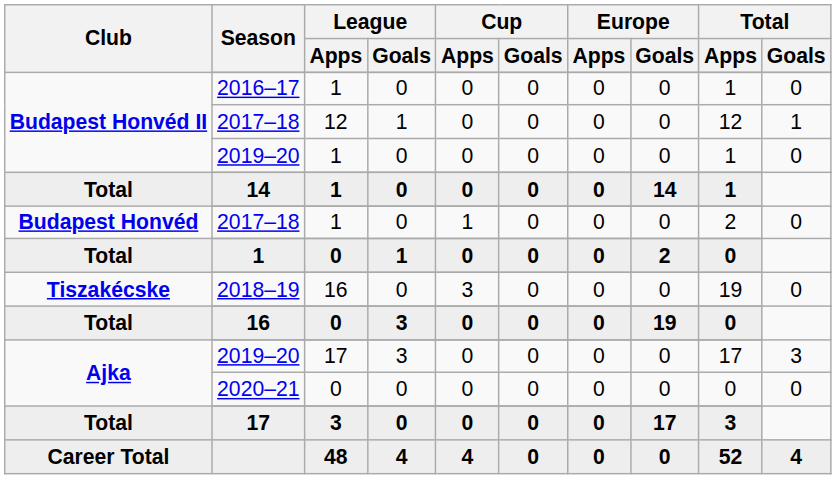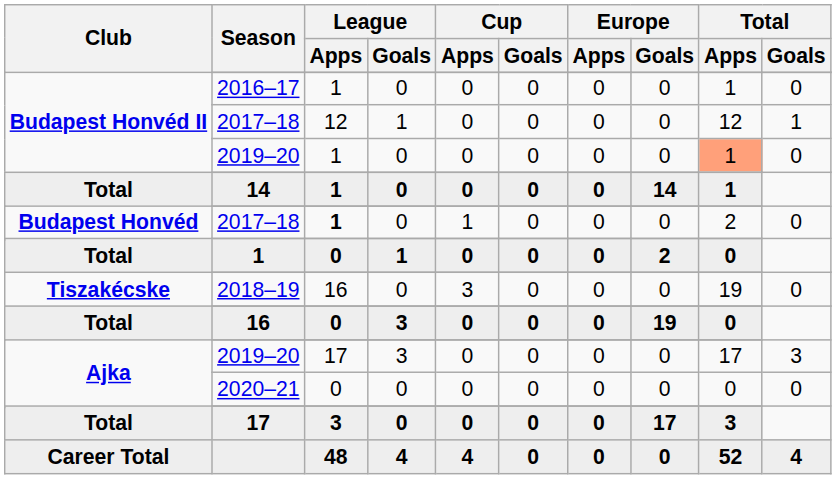 <table class="wikitable" style="font-size:90%; text-align: center;">
 <tr>
 <th rowspan="2">Club</th>
 <th rowspan="2">Season</th>
 <th colspan="2">League</th>
 <th colspan="2">Cup</th>
 <th colspan="2">Europe</th>
 <th colspan="2">Total</th>
 </tr>
 <tr>
 <th>Apps</th>
 <th>Goals</th>
 <th>Apps</th>
 <th>Goals</th>
 <th>Apps</th>
 <th>Goals</th>
 <th>Apps</th>
 <th>Goals</th>
 </tr>
 <tr ||-||-||-|->
 <td rowspan="5" valign="center"><strong><a href='#'>Budapest Honvéd II</a></strong></td>
 </tr>
 <tr>
 <td><a href='#'>2016–17</a></td>
 <td>1</td>
 <td>0</td>
 <td>0</td>
 <td>0</td>
 <td>0</td>
 <td>0</td>
 <td>1</td>
 <td>0</td>
 </tr>
 <tr>
 <td><a href='#'>2017–18</a></td>
 <td>12</td>
 <td>1</td>
 <td>0</td>
 <td>0</td>
 <td>0</td>
 <td>0</td>
 <td>12</td>
 <td>1</td>
 </tr>
 <tr>
 <td><a href='#'>2019–20</a></td>
 <td>1</td>
 <td>0</td>
 <td>0</td>
 <td>0</td>
 <td>0</td>
 <td>0</td>
-<td>1</td>
+<td style="background: lightsalmon;">1</td>
 <td>0</td>
 </tr>
 <tr>
 </tr>
 <tr style="font-weight:bold; background-color:#eeeeee;">
 <td>Total</td>
 <td>14</td>
 <td>1</td>
 <td>0</td>
 <td>0</td>
 <td>0</td>
 <td>0</td>
 <td>14</td>
 <td>1</td>
 </tr>
 <tr>
 <td rowspan="3" valign="center"><strong><a href='#'>Budapest Honvéd</a></strong></td>
 </tr>
 <tr>
 <td><a href='#'>2017–18</a></td>
-<td>1</td>
+<td><strong>1</strong></td>
 <td>0</td>
 <td>1</td>
 <td>0</td>
 <td>0</td>
 <td>0</td>
 <td>2</td>
 <td>0</td>
 </tr>
 <tr>
 </tr>
 <tr style="font-weight:bold; background-color:#eeeeee;">
 <td>Total</td>
 <td>1</td>
 <td>0</td>
 <td>1</td>
 <td>0</td>
 <td>0</td>
 <td>0</td>
 <td>2</td>
 <td>0</td>
 </tr>
 <tr>
 <td rowspan="3" valign="center"><strong><a href='#'>Tiszakécske</a></strong></td>
 </tr>
 <tr>
 <td><a href='#'>2018–19</a></td>
 <td>16</td>
 <td>0</td>
 <td>3</td>
 <td>0</td>
 <td>0</td>
 <td>0</td>
 <td>19</td>
 <td>0</td>
 </tr>
 <tr>
 </tr>
 <tr style="font-weight:bold; background-color:#eeeeee;">
 <td>Total</td>
 <td>16</td>
 <td>0</td>
 <td>3</td>
 <td>0</td>
 <td>0</td>
 <td>0</td>
 <td>19</td>
 <td>0</td>
 </tr>
 <tr>
 <td rowspan="4" valign="center"><strong><a href='#'>Ajka</a></strong></td>
 </tr>
 <tr>
 <td><a href='#'>2019–20</a></td>
 <td>17</td>
 <td>3</td>
 <td>0</td>
 <td>0</td>
 <td>0</td>
 <td>0</td>
 <td>17</td>
 <td>3</td>
 </tr>
 <tr>
 <td><a href='#'>2020–21</a></td>
 <td>0</td>
 <td>0</td>
 <td>0</td>
 <td>0</td>
 <td>0</td>
 <td>0</td>
 <td>0</td>
 <td>0</td>
 </tr>
 <tr>
 </tr>
 <tr style="font-weight:bold; background-color:#eeeeee;">
 <td>Total</td>
 <td>17</td>
 <td>3</td>
 <td>0</td>
 <td>0</td>
 <td>0</td>
 <td>0</td>
 <td>17</td>
 <td>3</td>
 </tr>
 <tr style="font-weight:bold; background-color:#eeeeee;">
 <td rowspan="1" valign="top"><strong>Career Total</strong></td>
 <td></td>
 <td><strong>48</strong></td>
 <td><strong>4</strong></td>
 <td><strong>4</strong></td>
 <td><strong>0</strong></td>
 <td><strong>0</strong></td>
 <td><strong>0</strong></td>
 <td><strong>52</strong></td>
 <td><strong>4</strong></td>
 </tr>
 </table>
